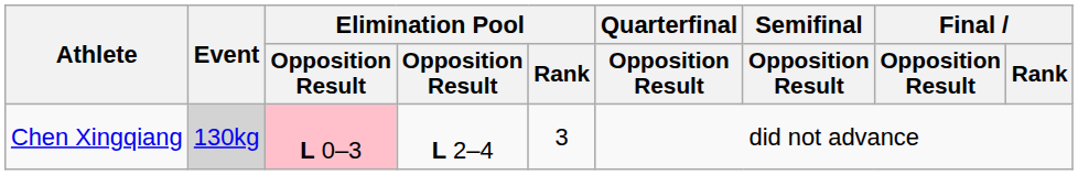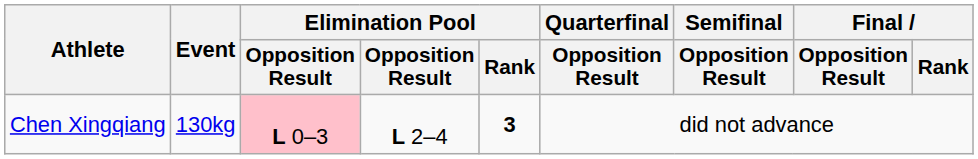 <table class="wikitable" style="font-size:90%">
 <tr>
 <th rowspan="2">Athlete</th>
 <th rowspan="2">Event</th>
 <th colspan=3>Elimination Pool</th>
 <th>Quarterfinal</th>
 <th>Semifinal</th>
 <th colspan=2>Final / </th>
 </tr>
 <tr style="font-size: 95%">
 <th>Opposition<br>Result</th>
 <th>Opposition<br>Result</th>
 <th>Rank</th>
 <th>Opposition<br>Result</th>
 <th>Opposition<br>Result</th>
 <th>Opposition<br>Result</th>
 <th>Rank</th>
 </tr>
 <tr>
 <td align=left><a href='#'>Chen Xingqiang</a></td>
-<td align=left style="background: lightgrey;"><a href='#'>130kg</a></td>
+<td align=left><a href='#'>130kg</a></td>
 <td align=center style="background: pink;"><br><strong>L</strong> 0–3</td>
 <td align=center><br><strong>L</strong> 2–4</td>
-<td align=center>3</td>
+<td align=center><strong>3</strong></td>
 <td align=center colspan=4>did not advance</td>
 </tr>
 </table>
